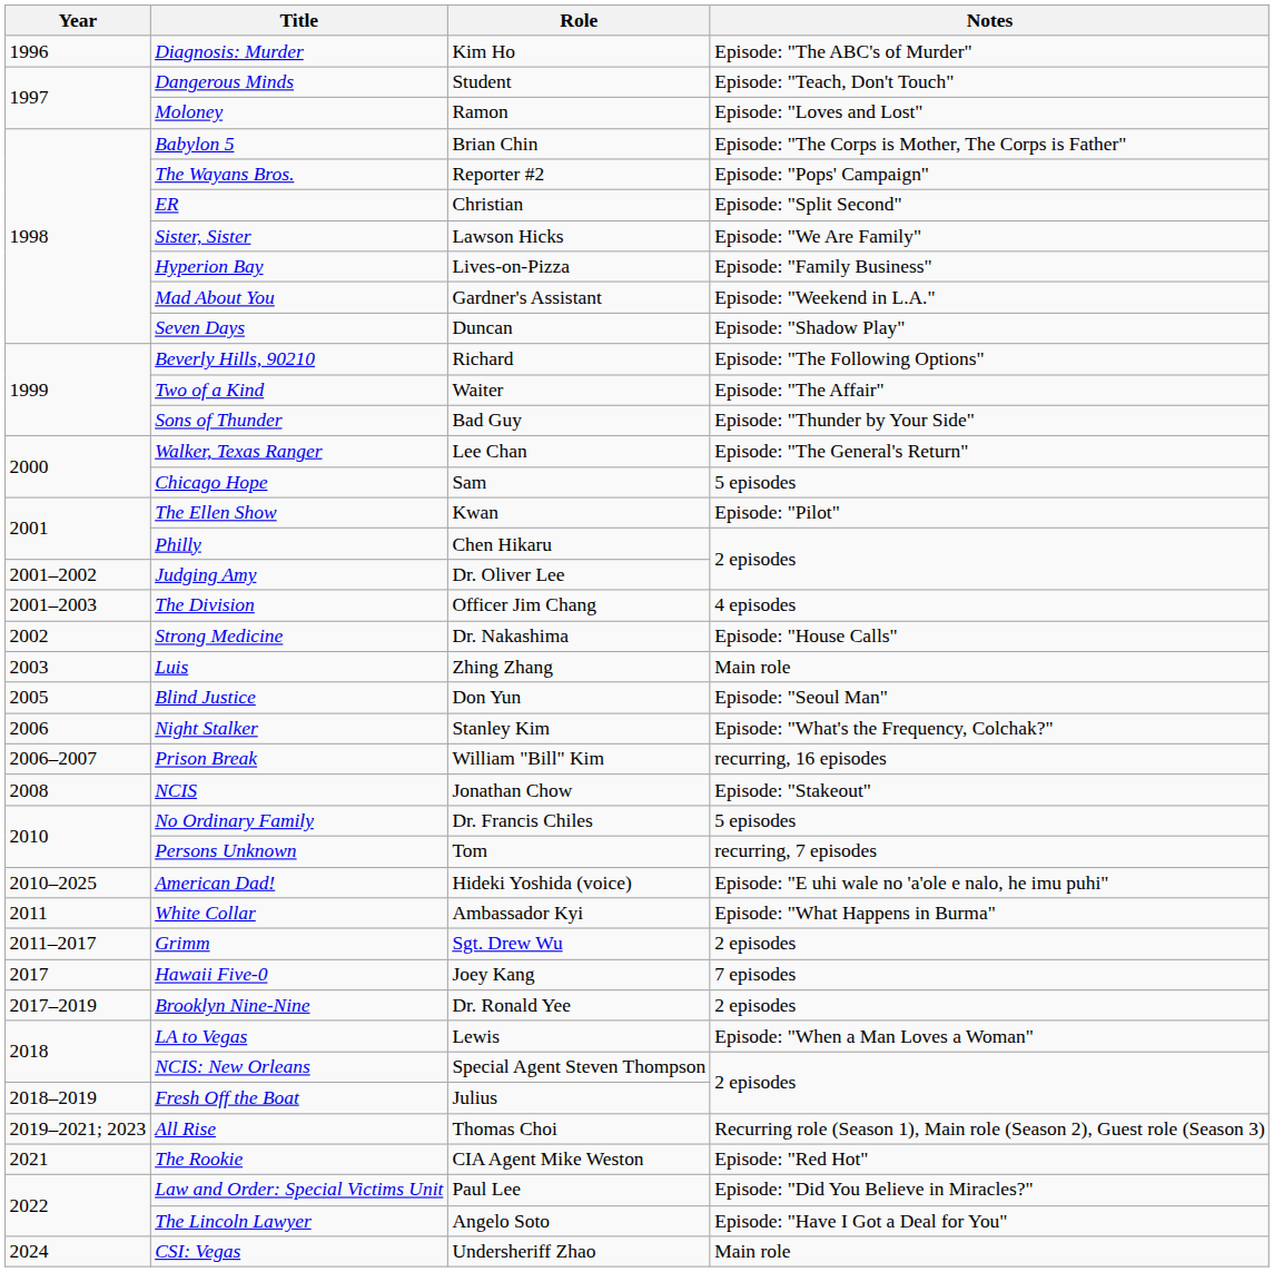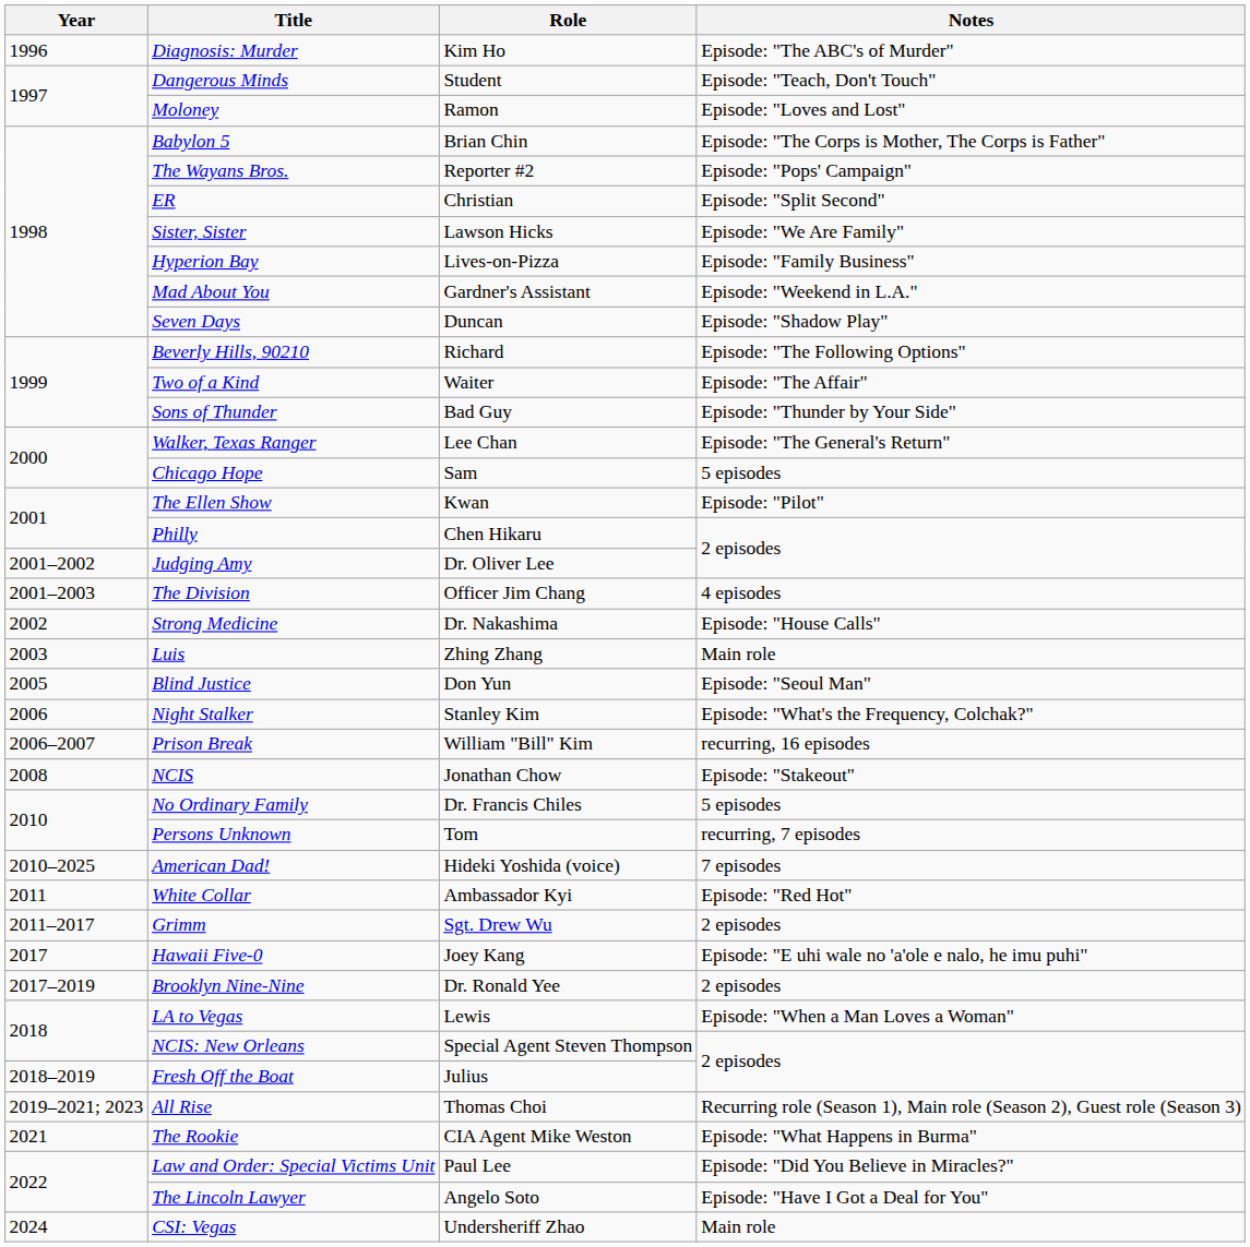 <table class="wikitable sortable">
 <tr>
 <th>Year</th>
 <th>Title</th>
 <th>Role</th>
 <th scope="col" class="unsortable">Notes</th>
 </tr>
 <tr>
 <td>1996</td>
 <td><em><a href='#'>Diagnosis: Murder</a></em></td>
 <td>Kim Ho</td>
 <td>Episode: "The ABC's of Murder"</td>
 </tr>
 <tr>
 <td rowspan=2>1997</td>
 <td><em><a href='#'>Dangerous Minds</a></em></td>
 <td>Student</td>
 <td>Episode: "Teach, Don't Touch"</td>
 </tr>
 <tr>
 <td><em><a href='#'>Moloney</a></em></td>
 <td>Ramon</td>
 <td>Episode: "Loves and Lost"</td>
 </tr>
 <tr>
 <td rowspan=7>1998</td>
 <td><em><a href='#'>Babylon 5</a></em></td>
 <td>Brian Chin</td>
 <td>Episode: "The Corps is Mother, The Corps is Father"</td>
 </tr>
 <tr>
 <td><em><a href='#'>The Wayans Bros.</a></em></td>
 <td>Reporter #2</td>
 <td>Episode: "Pops' Campaign"</td>
 </tr>
 <tr>
 <td><em><a href='#'>ER</a></em></td>
 <td>Christian</td>
 <td>Episode: "Split Second"</td>
 </tr>
 <tr>
 <td><em><a href='#'>Sister, Sister</a></em></td>
 <td>Lawson Hicks</td>
 <td>Episode: "We Are Family"</td>
 </tr>
 <tr>
 <td><em><a href='#'>Hyperion Bay</a></em></td>
 <td>Lives-on-Pizza</td>
 <td>Episode: "Family Business"</td>
 </tr>
 <tr>
 <td><em><a href='#'>Mad About You</a></em></td>
 <td>Gardner's Assistant</td>
 <td>Episode: "Weekend in L.A."</td>
 </tr>
 <tr>
 <td><em><a href='#'>Seven Days</a></em></td>
 <td>Duncan</td>
 <td>Episode: "Shadow Play"</td>
 </tr>
 <tr>
 <td rowspan=3>1999</td>
 <td><em><a href='#'>Beverly Hills, 90210</a></em></td>
 <td>Richard</td>
 <td>Episode: "The Following Options"</td>
 </tr>
 <tr>
 <td><em><a href='#'>Two of a Kind</a></em></td>
 <td>Waiter</td>
 <td>Episode: "The Affair"</td>
 </tr>
 <tr>
 <td><em><a href='#'>Sons of Thunder</a></em></td>
 <td>Bad Guy</td>
 <td>Episode: "Thunder by Your Side"</td>
 </tr>
 <tr>
 <td rowspan=2>2000</td>
 <td><em><a href='#'>Walker, Texas Ranger</a></em></td>
 <td>Lee Chan</td>
 <td>Episode: "The General's Return"</td>
 </tr>
 <tr>
 <td><em><a href='#'>Chicago Hope</a></em></td>
 <td>Sam</td>
 <td>5 episodes</td>
 </tr>
 <tr>
 <td rowspan=2>2001</td>
 <td><em><a href='#'>The Ellen Show</a></em></td>
 <td>Kwan</td>
 <td>Episode: "Pilot"</td>
 </tr>
 <tr>
 <td><em><a href='#'>Philly</a></em></td>
 <td>Chen Hikaru</td>
 <td rowspan=2>2 episodes</td>
 </tr>
 <tr>
 <td>2001–2002</td>
 <td><em><a href='#'>Judging Amy</a></em></td>
 <td>Dr. Oliver Lee</td>
 </tr>
 <tr>
 <td>2001–2003</td>
 <td><em><a href='#'>The Division</a></em></td>
 <td>Officer Jim Chang</td>
 <td>4 episodes</td>
 </tr>
 <tr>
 <td>2002</td>
 <td><em><a href='#'>Strong Medicine</a></em></td>
 <td>Dr. Nakashima</td>
 <td>Episode: "House Calls"</td>
 </tr>
 <tr>
 <td>2003</td>
 <td><em><a href='#'>Luis</a></em></td>
 <td>Zhing Zhang</td>
 <td>Main role</td>
 </tr>
 <tr>
 <td>2005</td>
 <td><em><a href='#'>Blind Justice</a></em></td>
 <td>Don Yun</td>
 <td>Episode: "Seoul Man"</td>
 </tr>
 <tr>
 <td>2006</td>
 <td><em><a href='#'>Night Stalker</a></em></td>
 <td>Stanley Kim</td>
 <td>Episode: "What's the Frequency, Colchak?"</td>
 </tr>
 <tr>
 <td>2006–2007</td>
 <td><em><a href='#'>Prison Break</a></em></td>
 <td>William "Bill" Kim</td>
 <td>recurring, 16 episodes</td>
 </tr>
 <tr>
 <td>2008</td>
 <td><em><a href='#'>NCIS</a></em></td>
 <td>Jonathan Chow</td>
 <td>Episode: "Stakeout"</td>
 </tr>
 <tr>
 <td rowspan=2>2010</td>
 <td><em><a href='#'>No Ordinary Family</a></em></td>
 <td>Dr. Francis Chiles</td>
 <td>5 episodes</td>
 </tr>
 <tr>
 <td><em><a href='#'>Persons Unknown</a></em></td>
 <td>Tom</td>
 <td>recurring, 7 episodes</td>
 </tr>
 <tr>
 <td>2010–2025</td>
 <td><em><a href='#'>American Dad!</a></em></td>
 <td>Hideki Yoshida (voice)</td>
-<td>Episode: "E uhi wale no 'a'ole e nalo, he imu puhi"</td>
+<td>7 episodes</td>
 </tr>
 <tr>
 <td>2011</td>
 <td><em><a href='#'>White Collar</a></em></td>
 <td>Ambassador Kyi</td>
-<td>Episode: "What Happens in Burma"</td>
+<td>Episode: "Red Hot"</td>
 </tr>
 <tr>
 <td>2011–2017</td>
 <td><em><a href='#'>Grimm</a></em></td>
 <td><a href='#'>Sgt. Drew Wu</a></td>
 <td>2 episodes</td>
 </tr>
 <tr>
 <td>2017</td>
 <td><em><a href='#'>Hawaii Five-0</a></em></td>
 <td>Joey Kang</td>
-<td>7 episodes</td>
+<td>Episode: "E uhi wale no 'a'ole e nalo, he imu puhi"</td>
 </tr>
 <tr>
 <td>2017–2019</td>
 <td><em><a href='#'>Brooklyn Nine-Nine</a></em></td>
 <td>Dr. Ronald Yee</td>
 <td>2 episodes</td>
 </tr>
 <tr>
 <td rowspan=2>2018</td>
 <td><em><a href='#'>LA to Vegas</a></em></td>
 <td>Lewis</td>
 <td>Episode: "When a Man Loves a Woman"</td>
 </tr>
 <tr>
 <td><em><a href='#'>NCIS: New Orleans</a></em></td>
 <td>Special Agent Steven Thompson</td>
 <td rowspan=2>2 episodes</td>
 </tr>
 <tr>
 <td>2018–2019</td>
 <td><em><a href='#'>Fresh Off the Boat</a></em></td>
 <td>Julius</td>
 </tr>
 <tr>
 <td>2019–2021; 2023</td>
 <td><em><a href='#'>All Rise</a></em></td>
 <td>Thomas Choi</td>
 <td>Recurring role (Season 1), Main role (Season 2), Guest role (Season 3)</td>
 </tr>
 <tr>
 <td>2021</td>
 <td><a href='#'><em>The Rookie</em></a></td>
 <td>CIA Agent Mike Weston</td>
-<td>Episode: "Red Hot"</td>
+<td>Episode: "What Happens in Burma"</td>
 </tr>
 <tr>
 <td rowspan=2>2022</td>
 <td><em><a href='#'>Law and Order: Special Victims Unit</a></em></td>
 <td>Paul Lee</td>
 <td>Episode: "Did You Believe in Miracles?"</td>
 </tr>
 <tr>
 <td><em><a href='#'>The Lincoln Lawyer</a></em></td>
 <td>Angelo Soto</td>
 <td>Episode: "Have I Got a Deal for You"</td>
 </tr>
 <tr>
 <td>2024</td>
 <td><em><a href='#'>CSI: Vegas</a></em></td>
 <td>Undersheriff Zhao</td>
 <td>Main role</td>
 </tr>
 </table>
